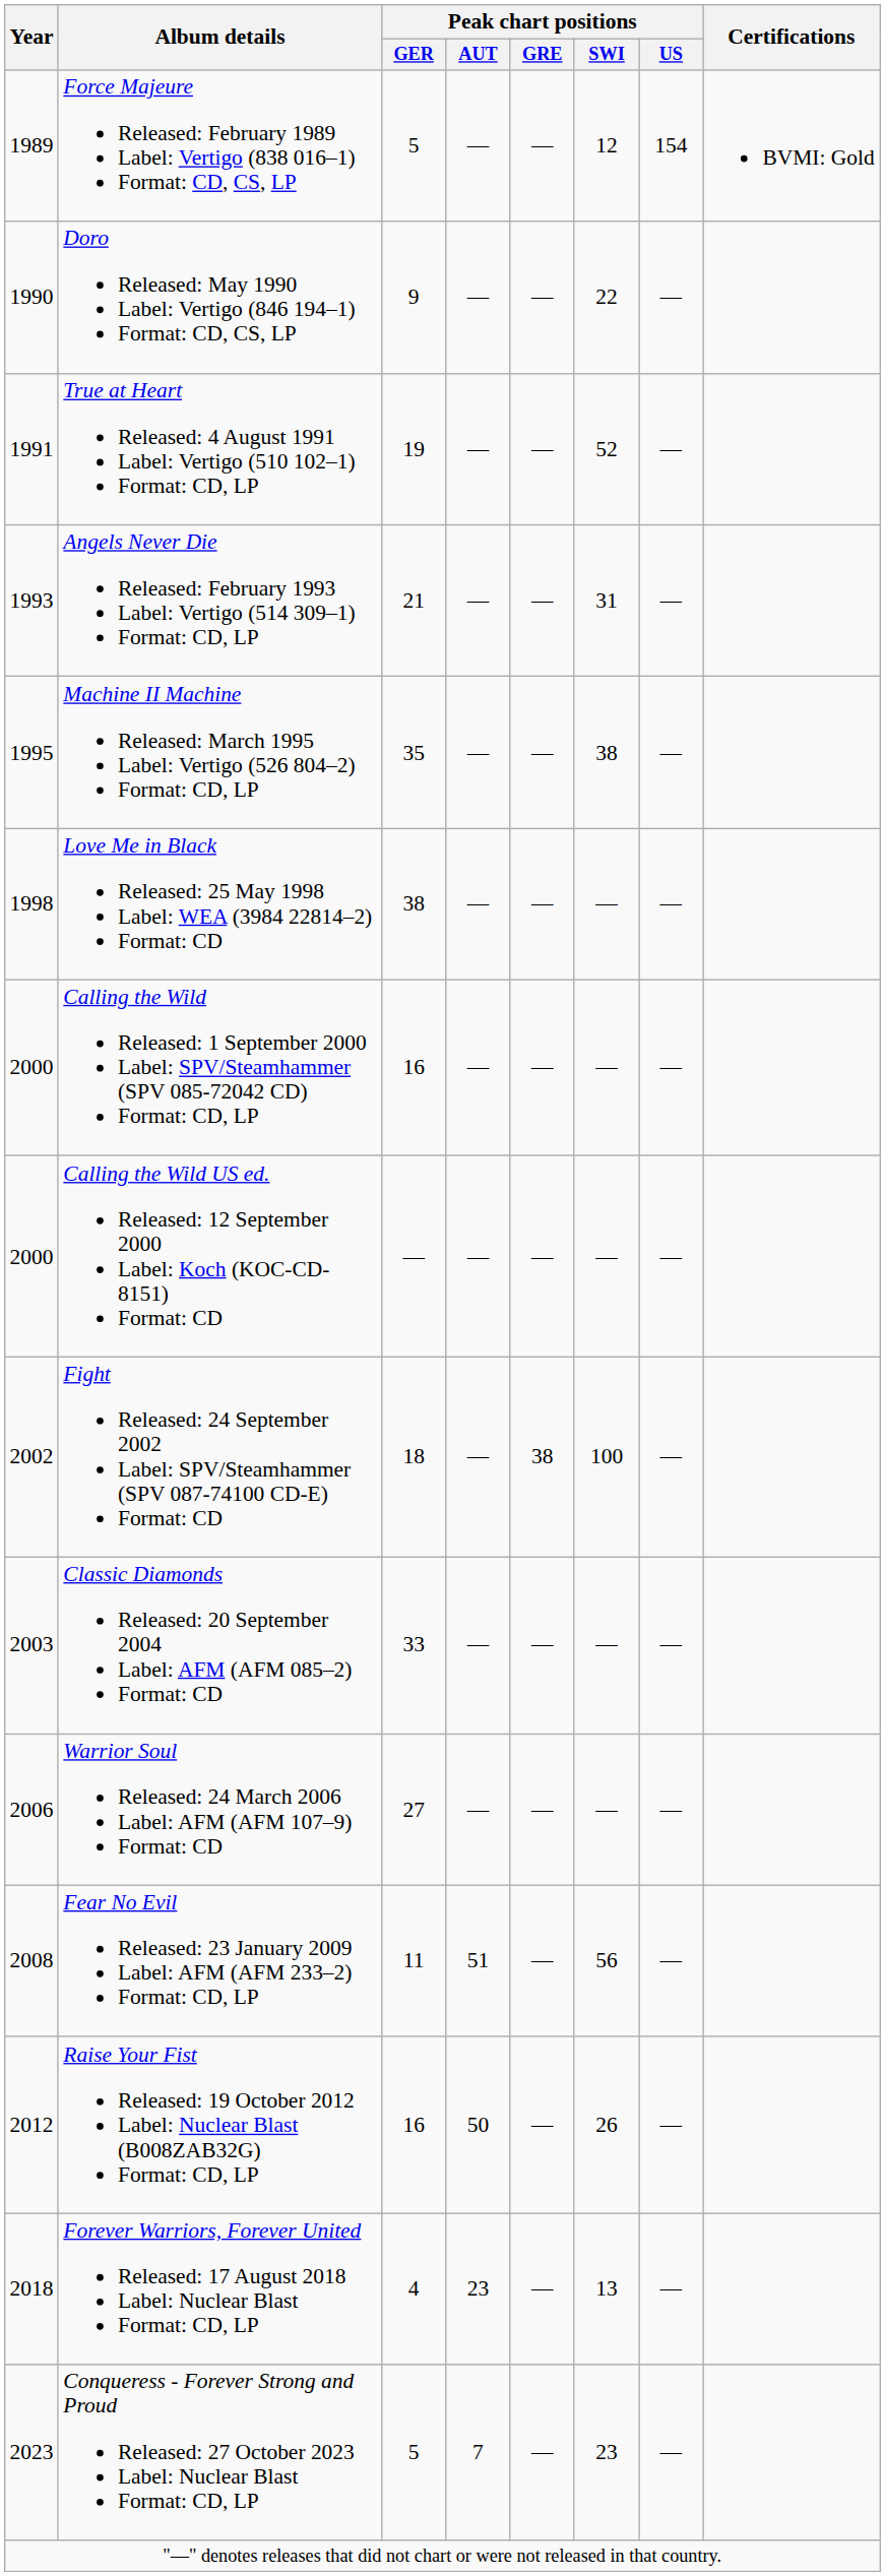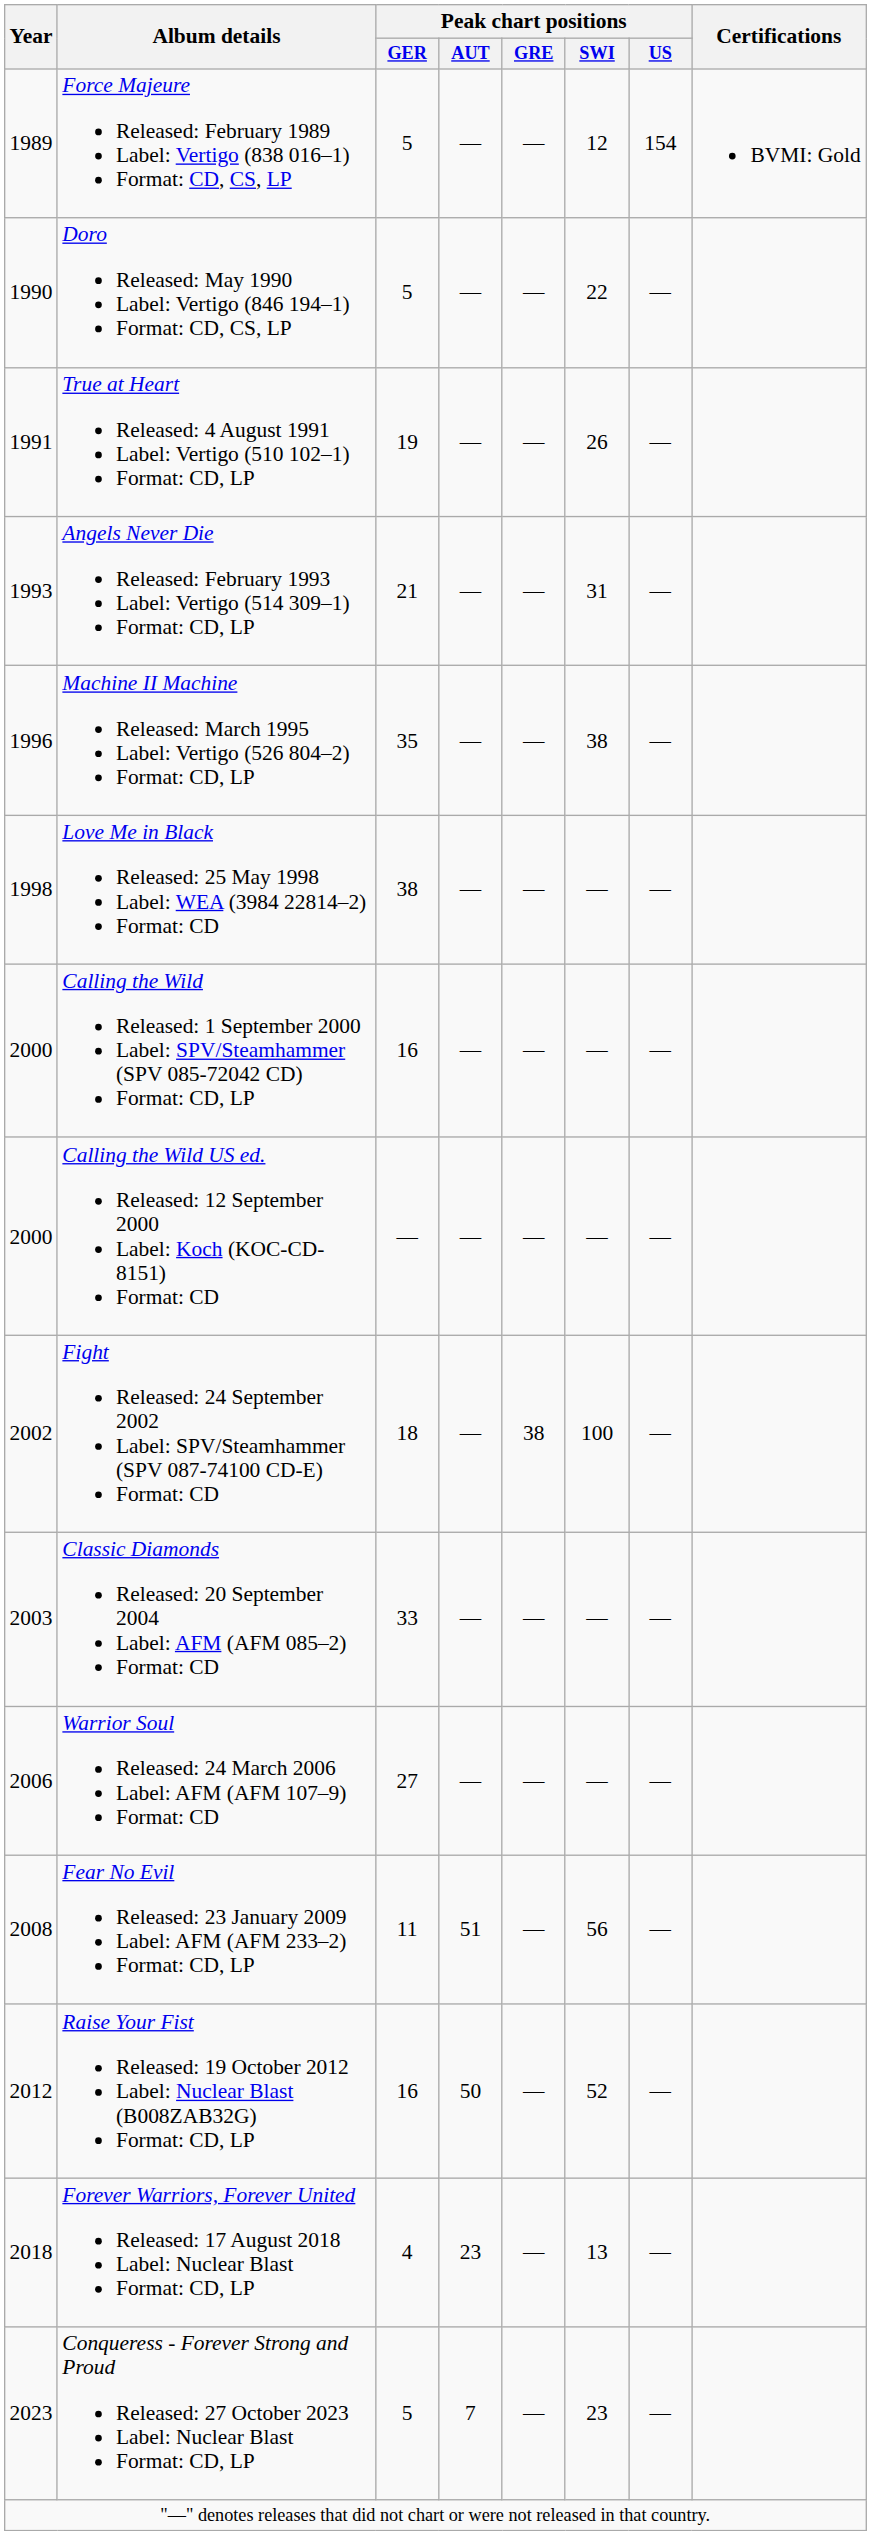 <table class="wikitable">
 <tr>
 <th rowspan="2">Year</th>
 <th rowspan="2" width="230">Album details</th>
 <th colspan="5">Peak chart positions</th>
 <th rowspan="2">Certifications</th>
 </tr>
 <tr>
 <th style="width:3em;font-size:85%;"><a href='#'>GER</a><br></th>
 <th style="width:3em;font-size:85%;"><a href='#'>AUT</a><br></th>
 <th style="width:3em;font-size:85%;"><a href='#'>GRE</a><br></th>
 <th style="width:3em;font-size:85%;"><a href='#'>SWI</a><br></th>
 <th style="width:3em;font-size:85%;"><a href='#'>US</a><br></th>
 </tr>
 <tr>
 <td>1989</td>
 <td><em><a href='#'>Force Majeure</a></em><br><ul><li>Released: February 1989</li><li>Label: <a href='#'>Vertigo</a> (838 016–1)</li><li>Format: <a href='#'>CD</a>, <a href='#'>CS</a>, <a href='#'>LP</a></li></ul></td>
 <td align="center">5</td>
 <td align="center">—</td>
 <td align="center">—</td>
 <td align="center">12</td>
 <td align="center">154</td>
 <td><br><ul><li>BVMI: Gold</li></ul></td>
 </tr>
 <tr>
 <td>1990</td>
 <td><em><a href='#'>Doro</a></em><br><ul><li>Released: May 1990</li><li>Label: Vertigo (846 194–1)</li><li>Format: CD, CS, LP</li></ul></td>
-<td align="center">9</td>
+<td align="center">5</td>
 <td align="center">—</td>
 <td align="center">—</td>
 <td align="center">22</td>
 <td align="center">—</td>
 <td></td>
 </tr>
 <tr>
 <td>1991</td>
 <td><em><a href='#'>True at Heart</a></em><br><ul><li>Released: 4 August 1991</li><li>Label: Vertigo (510 102–1)</li><li>Format: CD, LP</li></ul></td>
 <td align="center">19</td>
 <td align="center">—</td>
 <td align="center">—</td>
-<td align="center">52</td>
+<td align="center">26</td>
 <td align="center">—</td>
 <td></td>
 </tr>
 <tr>
 <td>1993</td>
 <td><em><a href='#'>Angels Never Die</a></em><br><ul><li>Released: February 1993</li><li>Label: Vertigo (514 309–1)</li><li>Format: CD, LP</li></ul></td>
 <td align="center">21</td>
 <td align="center">—</td>
 <td align="center">—</td>
 <td align="center">31</td>
 <td align="center">—</td>
 <td></td>
 </tr>
 <tr>
-<td>1995</td>
+<td>1996</td>
 <td><em><a href='#'>Machine II Machine</a></em><br><ul><li>Released: March 1995</li><li>Label: Vertigo (526 804–2)</li><li>Format: CD, LP</li></ul></td>
 <td align="center">35</td>
 <td align="center">—</td>
 <td align="center">—</td>
 <td align="center">38</td>
 <td align="center">—</td>
 <td></td>
 </tr>
 <tr>
 <td>1998</td>
 <td><em><a href='#'>Love Me in Black</a></em><br><ul><li>Released: 25 May 1998</li><li>Label: <a href='#'>WEA</a> (3984 22814–2)</li><li>Format: CD</li></ul></td>
 <td align="center">38</td>
 <td align="center">—</td>
 <td align="center">—</td>
 <td align="center">—</td>
 <td align="center">—</td>
 <td></td>
 </tr>
 <tr>
 <td>2000</td>
 <td><em><a href='#'>Calling the Wild</a></em><br><ul><li>Released: 1 September 2000</li><li>Label: <a href='#'>SPV/Steamhammer</a> (SPV 085-72042 CD)</li><li>Format: CD, LP</li></ul></td>
 <td align="center">16</td>
 <td align="center">—</td>
 <td align="center">—</td>
 <td align="center">—</td>
 <td align="center">—</td>
 <td></td>
 </tr>
 <tr>
 <td>2000</td>
 <td><em><a href='#'>Calling the Wild US ed.</a></em><br><ul><li>Released: 12 September 2000</li><li>Label: <a href='#'>Koch</a> (KOC-CD-8151)</li><li>Format: CD</li></ul></td>
 <td align="center">—</td>
 <td align="center">—</td>
 <td align="center">—</td>
 <td align="center">—</td>
 <td align="center">—</td>
 <td></td>
 </tr>
 <tr>
 <td>2002</td>
 <td><em><a href='#'>Fight</a></em><br><ul><li>Released: 24 September 2002</li><li>Label: SPV/Steamhammer (SPV 087-74100 CD-E)</li><li>Format: CD</li></ul></td>
 <td align="center">18</td>
 <td align="center">—</td>
 <td align="center">38</td>
 <td align="center">100</td>
 <td align="center">—</td>
 <td></td>
 </tr>
 <tr>
 <td>2003</td>
 <td><em><a href='#'>Classic Diamonds</a></em><br><ul><li>Released: 20 September 2004</li><li>Label: <a href='#'>AFM</a> (AFM 085–2)</li><li>Format: CD</li></ul></td>
 <td align="center">33</td>
 <td align="center">—</td>
 <td align="center">—</td>
 <td align="center">—</td>
 <td align="center">—</td>
 <td></td>
 </tr>
 <tr>
 <td>2006</td>
 <td><em><a href='#'>Warrior Soul</a></em><br><ul><li>Released: 24 March 2006</li><li>Label: AFM (AFM 107–9)</li><li>Format: CD</li></ul></td>
 <td align="center">27</td>
 <td align="center">—</td>
 <td align="center">—</td>
 <td align="center">—</td>
 <td align="center">—</td>
 <td></td>
 </tr>
 <tr>
 <td>2008</td>
 <td><em><a href='#'>Fear No Evil</a></em><br><ul><li>Released: 23 January 2009</li><li>Label: AFM (AFM 233–2)</li><li>Format: CD, LP</li></ul></td>
 <td align="center">11</td>
 <td align="center">51</td>
 <td align="center">—</td>
 <td align="center">56</td>
 <td align="center">—</td>
 <td></td>
 </tr>
 <tr>
 <td>2012</td>
 <td><em><a href='#'>Raise Your Fist</a></em><br><ul><li>Released: 19 October 2012</li><li>Label: <a href='#'>Nuclear Blast</a> (B008ZAB32G)</li><li>Format: CD, LP</li></ul></td>
 <td align="center">16</td>
 <td align="center">50</td>
 <td align="center">—</td>
-<td align="center">26</td>
+<td align="center">52</td>
 <td align="center">—</td>
 <td></td>
 </tr>
 <tr>
 <td>2018</td>
 <td><em><a href='#'>Forever Warriors, Forever United</a></em><br><ul><li>Released: 17 August 2018</li><li>Label: Nuclear Blast</li><li>Format: CD, LP</li></ul></td>
 <td align="center">4</td>
 <td align="center">23</td>
 <td align="center">—</td>
 <td align="center">13</td>
 <td align="center">—</td>
 <td></td>
 </tr>
 <tr>
 <td>2023</td>
 <td><em>Conqueress - Forever Strong and Proud</em><br><ul><li>Released: 27 October 2023</li><li>Label: Nuclear Blast</li><li>Format: CD, LP</li></ul></td>
 <td align="center">5</td>
 <td align="center">7</td>
 <td align="center">—</td>
 <td align="center">23</td>
 <td align="center">—</td>
 <td></td>
 </tr>
 <tr>
 <td colspan="16" align="center" style="font-size: 85%">"—" denotes releases that did not chart or were not released in that country.</td>
 </tr>
 </table>
